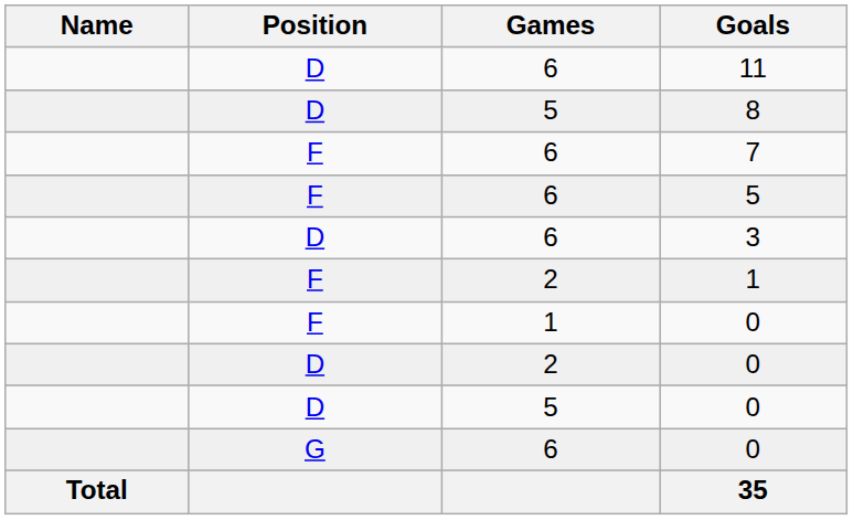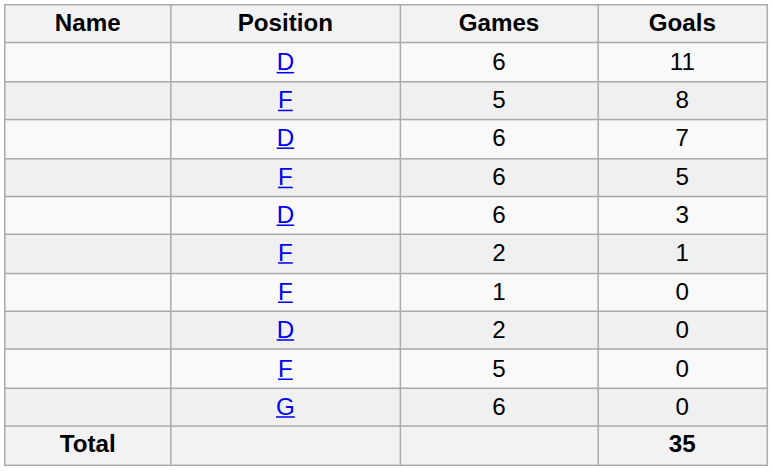 <table class="wikitable sortable" width ="40%">
 <tr align="center">
 <th><strong>Name</strong></th>
 <th><strong>Position</strong></th>
 <th><strong>Games</strong></th>
 <th><strong>Goals</strong></th>
 </tr>
 <tr align="center" bgcolor="">
 <td></td>
 <td><a href='#'>D</a></td>
 <td>6</td>
 <td>11</td>
 </tr>
 <tr align="center" bgcolor="f0f0f0">
 <td></td>
-<td><a href='#'>D</a></td>
+<td><a href='#'>F</a></td>
 <td>5</td>
 <td>8</td>
 </tr>
 <tr align="center" bgcolor="">
 <td></td>
-<td><a href='#'>F</a></td>
+<td><a href='#'>D</a></td>
 <td>6</td>
 <td>7</td>
 </tr>
 <tr align="center" bgcolor="f0f0f0">
 <td></td>
 <td><a href='#'>F</a></td>
 <td>6</td>
 <td>5</td>
 </tr>
 <tr align="center" bgcolor="">
 <td></td>
 <td><a href='#'>D</a></td>
 <td>6</td>
 <td>3</td>
 </tr>
 <tr align="center" bgcolor="f0f0f0">
 <td></td>
 <td><a href='#'>F</a></td>
 <td>2</td>
 <td>1</td>
 </tr>
 <tr align="center" bgcolor="">
 <td></td>
 <td><a href='#'>F</a></td>
 <td>1</td>
 <td>0</td>
 </tr>
 <tr align="center" bgcolor="f0f0f0">
 <td></td>
 <td><a href='#'>D</a></td>
 <td>2</td>
 <td>0</td>
 </tr>
 <tr align="center" bgcolor="">
 <td></td>
-<td><a href='#'>D</a></td>
+<td><a href='#'>F</a></td>
 <td>5</td>
 <td>0</td>
 </tr>
 <tr align="center" bgcolor="f0f0f0">
 <td></td>
 <td><a href='#'>G</a></td>
 <td>6</td>
 <td>0</td>
 </tr>
 <tr>
 <th>Total</th>
 <th></th>
 <th></th>
 <th>35</th>
 </tr>
 </table>
